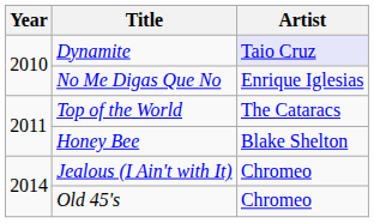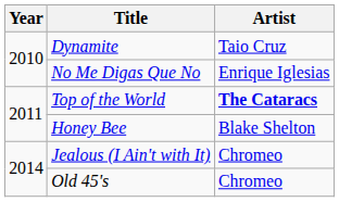 <table class="wikitable sortable">
 <tr>
 <th>Year</th>
 <th>Title</th>
 <th>Artist</th>
 </tr>
 <tr>
 <td rowspan="2">2010</td>
 <td><em><a href='#'>Dynamite</a></em></td>
-<td style="background: lavender;"><a href='#'>Taio Cruz</a></td>
+<td><a href='#'>Taio Cruz</a></td>
 </tr>
 <tr>
 <td><em><a href='#'>No Me Digas Que No</a></em></td>
 <td><a href='#'>Enrique Iglesias</a></td>
 </tr>
 <tr>
 <td rowspan="2">2011</td>
 <td><em><a href='#'>Top of the World</a></em></td>
-<td><a href='#'>The Cataracs</a></td>
+<td><strong><a href='#'>The Cataracs</a></strong></td>
 </tr>
 <tr>
 <td><em><a href='#'>Honey Bee</a></em></td>
 <td><a href='#'>Blake Shelton</a></td>
 </tr>
 <tr>
 <td rowspan="2">2014</td>
 <td><em><a href='#'>Jealous (I Ain't with It)</a></em></td>
 <td><a href='#'>Chromeo</a></td>
 </tr>
 <tr>
 <td><em>Old 45's</em></td>
 <td><a href='#'>Chromeo</a></td>
 </tr>
 </table>
